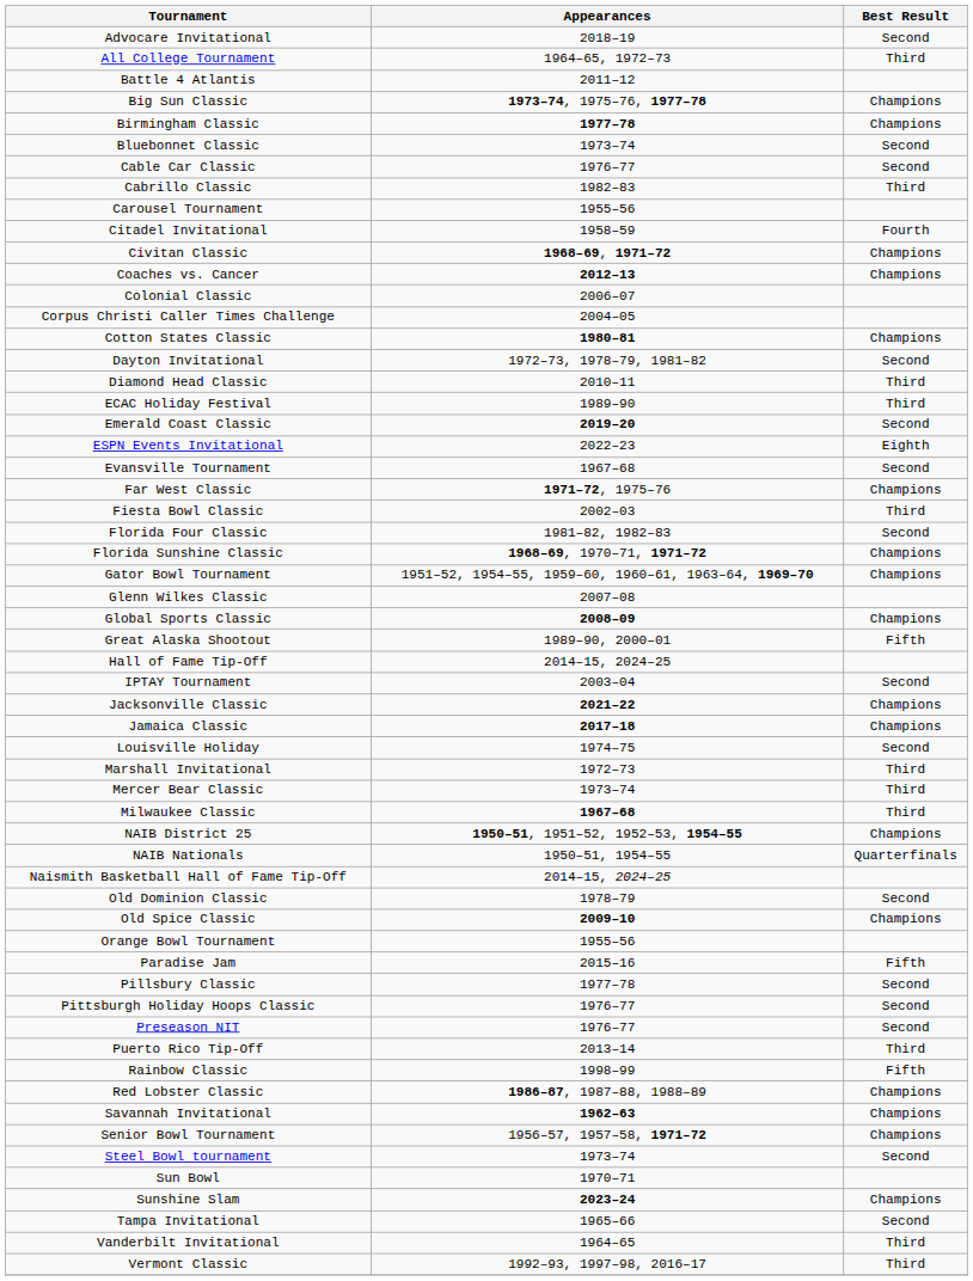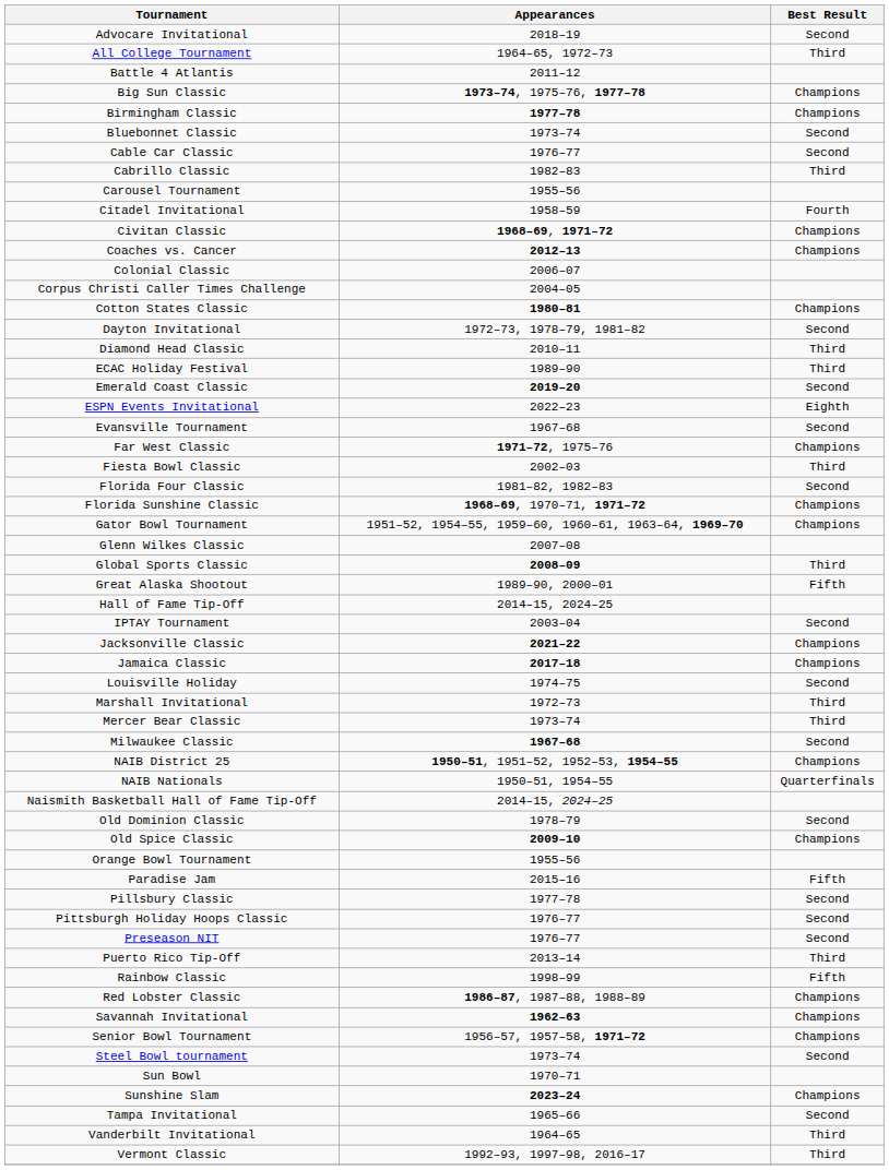 <table cellpadding="1" style="width:75%;" class="wikitable sortable" style="text-align:center">
 <tr>
 <th>Tournament</th>
 <th>Appearances</th>
 <th>Best Result</th>
 </tr>
 <tr style="text-align:center;">
 <td>Advocare Invitational</td>
 <td>2018–19</td>
 <td>Second</td>
 </tr>
 <tr style="text-align:center;">
 <td><a href='#'>All College Tournament</a></td>
 <td>1964–65, 1972–73</td>
 <td>Third</td>
 </tr>
 <tr style="text-align:center;">
 <td>Battle 4 Atlantis</td>
 <td>2011–12</td>
 <td></td>
 </tr>
 <tr style="text-align:center;">
 <td>Big Sun Classic</td>
 <td><strong>1973–74</strong>, 1975–76, <strong>1977–78</strong></td>
 <td>Champions</td>
 </tr>
 <tr style="text-align:center;">
 <td>Birmingham Classic</td>
 <td><strong>1977–78</strong></td>
 <td>Champions</td>
 </tr>
 <tr style="text-align:center;">
 <td>Bluebonnet Classic</td>
 <td>1973–74</td>
 <td>Second</td>
 </tr>
 <tr style="text-align:center;">
 <td>Cable Car Classic</td>
 <td>1976–77</td>
 <td>Second</td>
 </tr>
 <tr style="text-align:center;">
 <td>Cabrillo Classic</td>
 <td>1982–83</td>
 <td>Third</td>
 </tr>
 <tr style="text-align:center;">
 <td>Carousel Tournament</td>
 <td>1955–56</td>
 <td></td>
 </tr>
 <tr style="text-align:center;">
 <td>Citadel Invitational</td>
 <td>1958–59</td>
 <td>Fourth</td>
 </tr>
 <tr style="text-align:center;">
 <td>Civitan Classic</td>
 <td><strong>1968–69</strong>, <strong>1971–72</strong></td>
 <td>Champions</td>
 </tr>
 <tr style="text-align:center;">
 <td>Coaches vs. Cancer</td>
 <td><strong>2012–13</strong></td>
 <td>Champions</td>
 </tr>
 <tr style="text-align:center;">
 <td>Colonial Classic</td>
 <td>2006–07</td>
 <td></td>
 </tr>
 <tr style="text-align:center;">
 <td>Corpus Christi Caller Times Challenge</td>
 <td>2004–05</td>
 <td></td>
 </tr>
 <tr style="text-align:center;">
 <td>Cotton States Classic</td>
 <td><strong>1980–81</strong></td>
 <td>Champions</td>
 </tr>
 <tr style="text-align:center;">
 <td>Dayton Invitational</td>
 <td>1972–73, 1978–79, 1981–82</td>
 <td>Second</td>
 </tr>
 <tr style="text-align:center;">
 <td>Diamond Head Classic</td>
 <td>2010–11</td>
 <td>Third</td>
 </tr>
 <tr style="text-align:center;">
 <td>ECAC Holiday Festival</td>
 <td>1989–90</td>
 <td>Third</td>
 </tr>
 <tr style="text-align:center;">
 <td>Emerald Coast Classic</td>
 <td><strong>2019–20</strong></td>
 <td>Second</td>
 </tr>
 <tr style="text-align:center;">
 <td><a href='#'>ESPN Events Invitational</a></td>
 <td>2022–23</td>
 <td>Eighth</td>
 </tr>
 <tr style="text-align:center;">
 <td>Evansville Tournament</td>
 <td>1967–68</td>
 <td>Second</td>
 </tr>
 <tr style="text-align:center;">
 <td>Far West Classic</td>
 <td><strong>1971–72</strong>, 1975–76</td>
 <td>Champions</td>
 </tr>
 <tr style="text-align:center;">
 <td>Fiesta Bowl Classic</td>
 <td>2002–03</td>
 <td>Third</td>
 </tr>
 <tr style="text-align:center;">
 <td>Florida Four Classic</td>
 <td>1981–82, 1982–83</td>
 <td>Second</td>
 </tr>
 <tr style="text-align:center;">
 <td>Florida Sunshine Classic</td>
 <td><strong>1968–69</strong>, 1970–71, <strong>1971–72</strong></td>
 <td>Champions</td>
 </tr>
 <tr style="text-align:center;">
 <td>Gator Bowl Tournament</td>
 <td>1951–52, 1954–55, 1959–60, 1960–61, 1963–64, <strong>1969–70</strong></td>
 <td>Champions</td>
 </tr>
 <tr style="text-align:center;">
 <td>Glenn Wilkes Classic</td>
 <td>2007–08</td>
 <td></td>
 </tr>
 <tr style="text-align:center;">
 <td>Global Sports Classic</td>
 <td><strong>2008–09</strong></td>
-<td>Champions</td>
+<td>Third</td>
 </tr>
 <tr style="text-align:center;">
 <td>Great Alaska Shootout</td>
 <td>1989–90, 2000–01</td>
 <td>Fifth</td>
 </tr>
 <tr style="text-align:center;">
 <td>Hall of Fame Tip-Off</td>
 <td>2014–15, 2024–25</td>
 <td></td>
 </tr>
 <tr style="text-align:center;">
 <td>IPTAY Tournament</td>
 <td>2003–04</td>
 <td>Second</td>
 </tr>
 <tr style="text-align:center;">
 <td>Jacksonville Classic</td>
 <td><strong>2021–22</strong></td>
 <td>Champions</td>
 </tr>
 <tr style="text-align:center;">
 <td>Jamaica Classic</td>
 <td><strong>2017–18</strong></td>
 <td>Champions</td>
 </tr>
 <tr style="text-align:center;">
 <td>Louisville Holiday</td>
 <td>1974–75</td>
 <td>Second</td>
 </tr>
 <tr style="text-align:center;">
 <td>Marshall Invitational</td>
 <td>1972–73</td>
 <td>Third</td>
 </tr>
 <tr style="text-align:center;">
 <td>Mercer Bear Classic</td>
 <td>1973–74</td>
 <td>Third</td>
 </tr>
 <tr style="text-align:center;">
 <td>Milwaukee Classic</td>
 <td><strong>1967–68</strong></td>
-<td>Third</td>
+<td>Second</td>
 </tr>
 <tr style="text-align:center;">
 <td>NAIB District 25</td>
 <td><strong>1950–51</strong>, 1951–52, 1952–53, <strong>1954–55</strong></td>
 <td>Champions</td>
 </tr>
 <tr style="text-align:center;">
 <td>NAIB Nationals</td>
 <td>1950–51, 1954–55</td>
 <td>Quarterfinals</td>
 </tr>
 <tr style="text-align:center;">
 <td>Naismith Basketball Hall of Fame Tip-Off</td>
 <td>2014–15, <em>2024–25</em></td>
 <td></td>
 </tr>
 <tr style="text-align:center;">
 <td>Old Dominion Classic</td>
 <td>1978–79</td>
 <td>Second</td>
 </tr>
 <tr style="text-align:center;">
 <td>Old Spice Classic</td>
 <td><strong>2009–10</strong></td>
 <td>Champions</td>
 </tr>
 <tr style="text-align:center;">
 <td>Orange Bowl Tournament</td>
 <td>1955–56</td>
 <td></td>
 </tr>
 <tr style="text-align:center;">
 <td>Paradise Jam</td>
 <td>2015–16</td>
 <td>Fifth</td>
 </tr>
 <tr style="text-align:center;">
 <td>Pillsbury Classic</td>
 <td>1977–78</td>
 <td>Second</td>
 </tr>
 <tr style="text-align:center;">
 <td>Pittsburgh Holiday Hoops Classic</td>
 <td>1976–77</td>
 <td>Second</td>
 </tr>
 <tr style="text-align:center;">
 <td><a href='#'>Preseason NIT</a></td>
 <td>1976–77</td>
 <td>Second</td>
 </tr>
 <tr style="text-align:center;">
 <td>Puerto Rico Tip-Off</td>
 <td>2013–14</td>
 <td>Third</td>
 </tr>
 <tr style="text-align:center;">
 <td>Rainbow Classic</td>
 <td>1998–99</td>
 <td>Fifth</td>
 </tr>
 <tr style="text-align:center;">
 <td>Red Lobster Classic</td>
 <td><strong>1986–87</strong>, 1987–88, 1988–89</td>
 <td>Champions</td>
 </tr>
 <tr style="text-align:center;">
 <td>Savannah Invitational</td>
 <td><strong>1962–63</strong></td>
 <td>Champions</td>
 </tr>
 <tr style="text-align:center;">
 <td>Senior Bowl Tournament</td>
 <td>1956–57, 1957–58, <strong>1971–72</strong></td>
 <td>Champions</td>
 </tr>
 <tr style="text-align:center;">
 <td><a href='#'>Steel Bowl tournament</a></td>
 <td>1973–74</td>
 <td>Second</td>
 </tr>
 <tr style="text-align:center;">
 <td>Sun Bowl</td>
 <td>1970–71</td>
 <td></td>
 </tr>
 <tr style="text-align:center;">
 <td>Sunshine Slam</td>
 <td><strong>2023–24</strong></td>
 <td>Champions</td>
 </tr>
 <tr style="text-align:center;">
 <td>Tampa Invitational</td>
 <td>1965–66</td>
 <td>Second</td>
 </tr>
 <tr style="text-align:center;">
 <td>Vanderbilt Invitational</td>
 <td>1964–65</td>
 <td>Third</td>
 </tr>
 <tr style="text-align:center;">
 <td>Vermont Classic</td>
 <td>1992–93, 1997–98, 2016–17</td>
 <td>Third</td>
 </tr>
 <tr>
 </tr>
 </table>
